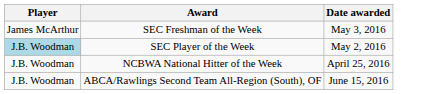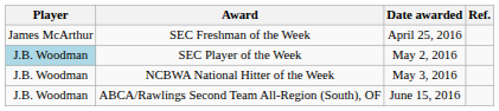 <table class="wikitable sortable sortable" style="text-align: center">
 <tr>
 <th>Player</th>
 <th>Award</th>
 <th>Date awarded</th>
+<th>Ref.</th>
 </tr>
 <tr>
 <td>James McArthur</td>
 <td>SEC Freshman of the Week</td>
-<td>May 3, 2016</td>
+<td>April 25, 2016</td>
+<td></td>
 </tr>
 <tr>
 <td style="background: lightblue;">J.B. Woodman</td>
 <td>SEC Player of the Week</td>
 <td>May 2, 2016</td>
+<td></td>
 </tr>
 <tr>
 <td>J.B. Woodman</td>
 <td>NCBWA National Hitter of the Week</td>
-<td>April 25, 2016</td>
+<td>May 3, 2016</td>
+<td></td>
 </tr>
 <tr>
 <td>J.B. Woodman</td>
 <td>ABCA/Rawlings Second Team All-Region (South), OF</td>
 <td>June 15, 2016</td>
+<td></td>
 </tr>
 </table>
